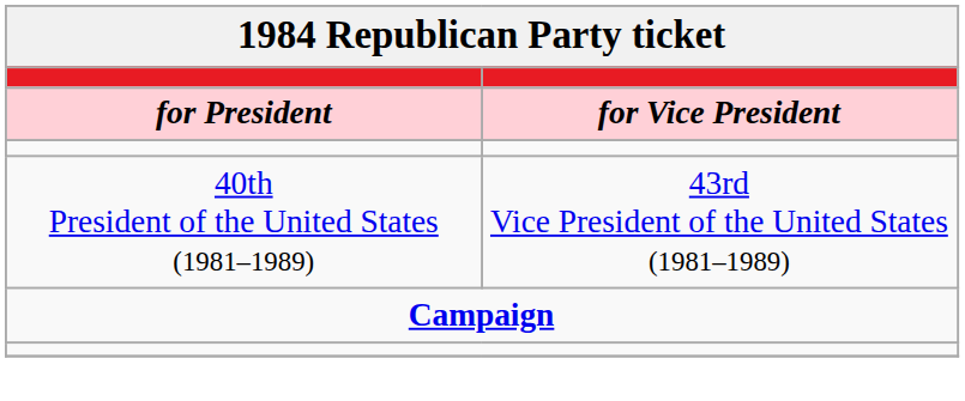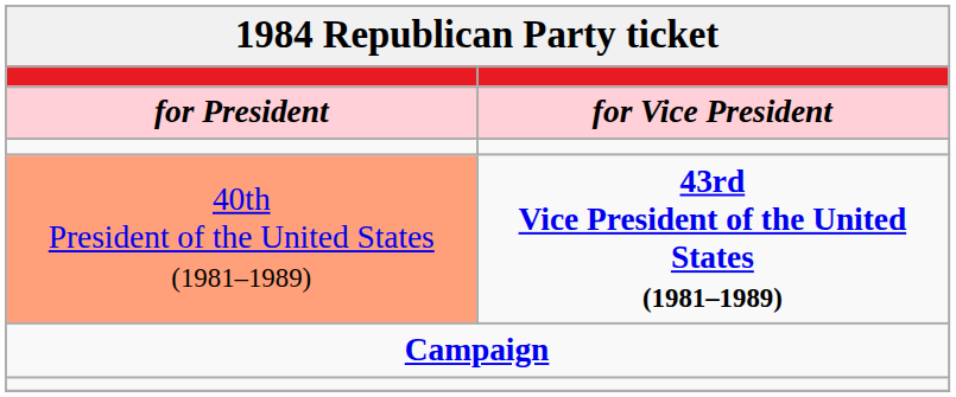 <table class="wikitable" style="font-size:90%; text-align:center;">
 <tr>
 <td style="background:#f1f1f1;" colspan="30"><big><strong>1984 Republican Party ticket</strong></big></td>
 </tr>
 <tr>
 <th style="width:3em; font-size:135%; background:#E81B23; width:200px;"><a href='#'></a></th>
 <th style="width:3em; font-size:135%; background:#E81B23; width:200px;"><a href='#'></a></th>
 </tr>
 <tr style="color:#000; font-size:100%; background:#ffd0d7;">
 <td style="width:3em; width:200px;"><strong><em>for President</em></strong></td>
 <td style="width:3em; width:200px;"><strong><em>for Vice President</em></strong></td>
 </tr>
 <tr>
 <td></td>
 <td></td>
 </tr>
 <tr>
-<td><a href='#'>40th</a><br><a href='#'>President of the United States</a><br><small>(1981–1989)</small></td>
-<td><a href='#'>43rd</a><br><a href='#'>Vice President of the United States</a><br><small>(1981–1989)</small></td>
+<td style="background: lightsalmon;"><a href='#'>40th</a><br><a href='#'>President of the United States</a><br><small>(1981–1989)</small></td>
+<td><strong><a href='#'>43rd</a><br><a href='#'>Vice President of the United States</a><br><small>(1981–1989)</small></strong></td>
 </tr>
 <tr>
 <td colspan=2><a href='#'><strong>Campaign</strong></a></td>
 </tr>
 <tr>
 <td colspan=2></td>
 </tr>
 <tr>
 </tr>
 </table>
